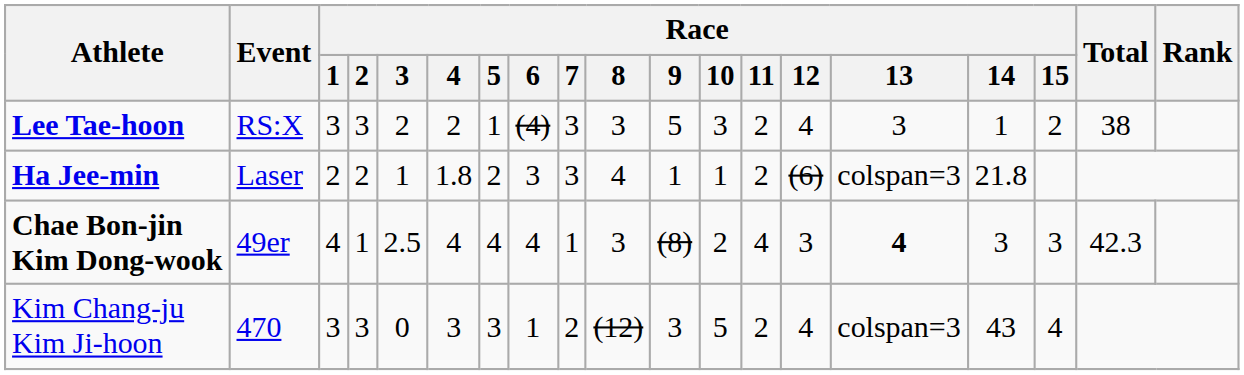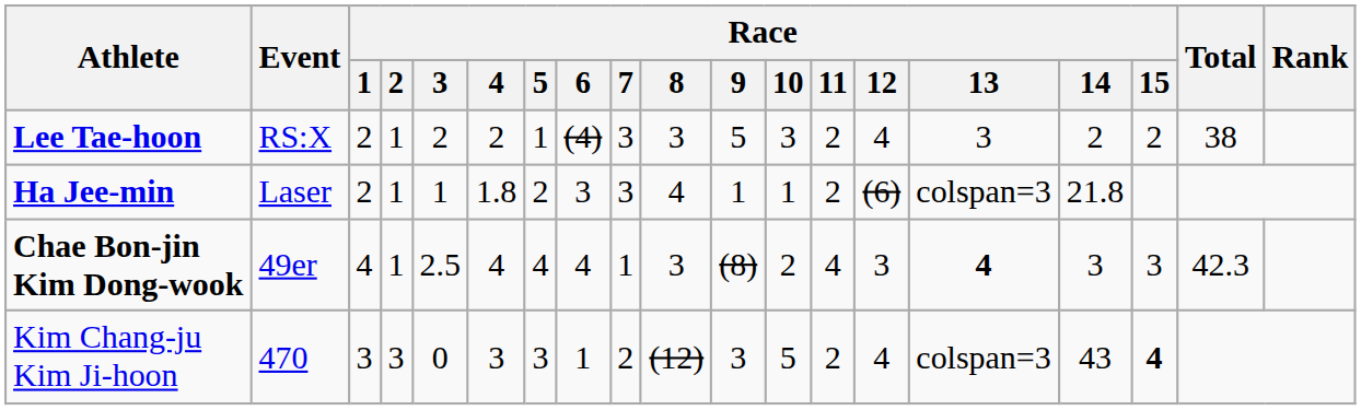 <table class=wikitable style=font-size:90%;text-align:center>
 <tr>
 <th rowspan="2">Athlete</th>
 <th rowspan="2">Event</th>
 <th colspan=15>Race</th>
 <th rowspan=2>Total</th>
 <th rowspan=2>Rank</th>
 </tr>
 <tr style="font-size:95%">
 <th>1</th>
 <th>2</th>
 <th>3</th>
 <th>4</th>
 <th>5</th>
 <th>6</th>
 <th>7</th>
 <th>8</th>
 <th>9</th>
 <th>10</th>
 <th>11</th>
 <th>12</th>
 <th>13</th>
 <th>14</th>
 <th>15</th>
 </tr>
 <tr>
 <td align=left><strong><a href='#'>Lee Tae-hoon</a></strong></td>
 <td align=left><a href='#'>RS:X</a></td>
-<td>3</td>
-<td>3</td>
+<td>2</td>
+<td>1</td>
 <td>2</td>
 <td>2</td>
 <td>1</td>
 <td><s>(4)</s></td>
 <td>3</td>
 <td>3</td>
 <td>5</td>
 <td>3</td>
 <td>2</td>
 <td>4</td>
 <td>3</td>
-<td>1</td>
+<td>2</td>
 <td>2</td>
 <td>38</td>
 <td></td>
 </tr>
 <tr>
 <td align=left><strong><a href='#'>Ha Jee-min</a></strong></td>
 <td align=left><a href='#'>Laser</a></td>
 <td>2</td>
-<td>2</td>
+<td>1</td>
 <td>1</td>
 <td>1.8<br></td>
 <td>2</td>
 <td>3</td>
 <td>3</td>
 <td>4</td>
 <td>1</td>
 <td>1</td>
 <td>2</td>
 <td><s>(6)</s></td>
 <td>colspan=3 </td>
 <td>21.8</td>
 <td></td>
 </tr>
 <tr>
 <td align=left><strong>Chae Bon-jin<br>Kim Dong-wook</strong></td>
 <td align=left><a href='#'>49er</a></td>
 <td>4</td>
 <td>1</td>
 <td>2.5<br></td>
 <td>4</td>
 <td>4</td>
 <td>4</td>
 <td>1</td>
 <td>3</td>
 <td><s>(8)</s></td>
 <td>2</td>
 <td>4</td>
 <td>3</td>
 <td><strong>4</strong></td>
 <td>3</td>
 <td>3</td>
 <td>42.3</td>
 <td></td>
 </tr>
 <tr>
 <td align=left><a href='#'>Kim Chang-ju</a><br><a href='#'>Kim Ji-hoon</a></td>
 <td align=left><a href='#'>470</a></td>
 <td>3</td>
 <td>3</td>
 <td>0</td>
 <td>3</td>
 <td>3</td>
 <td>1</td>
 <td>2</td>
 <td><s>(12)</s><br></td>
 <td>3</td>
 <td>5</td>
 <td>2</td>
 <td>4</td>
 <td>colspan=3 </td>
 <td>43</td>
-<td>4</td>
+<td><strong>4</strong></td>
 </tr>
 </table>
